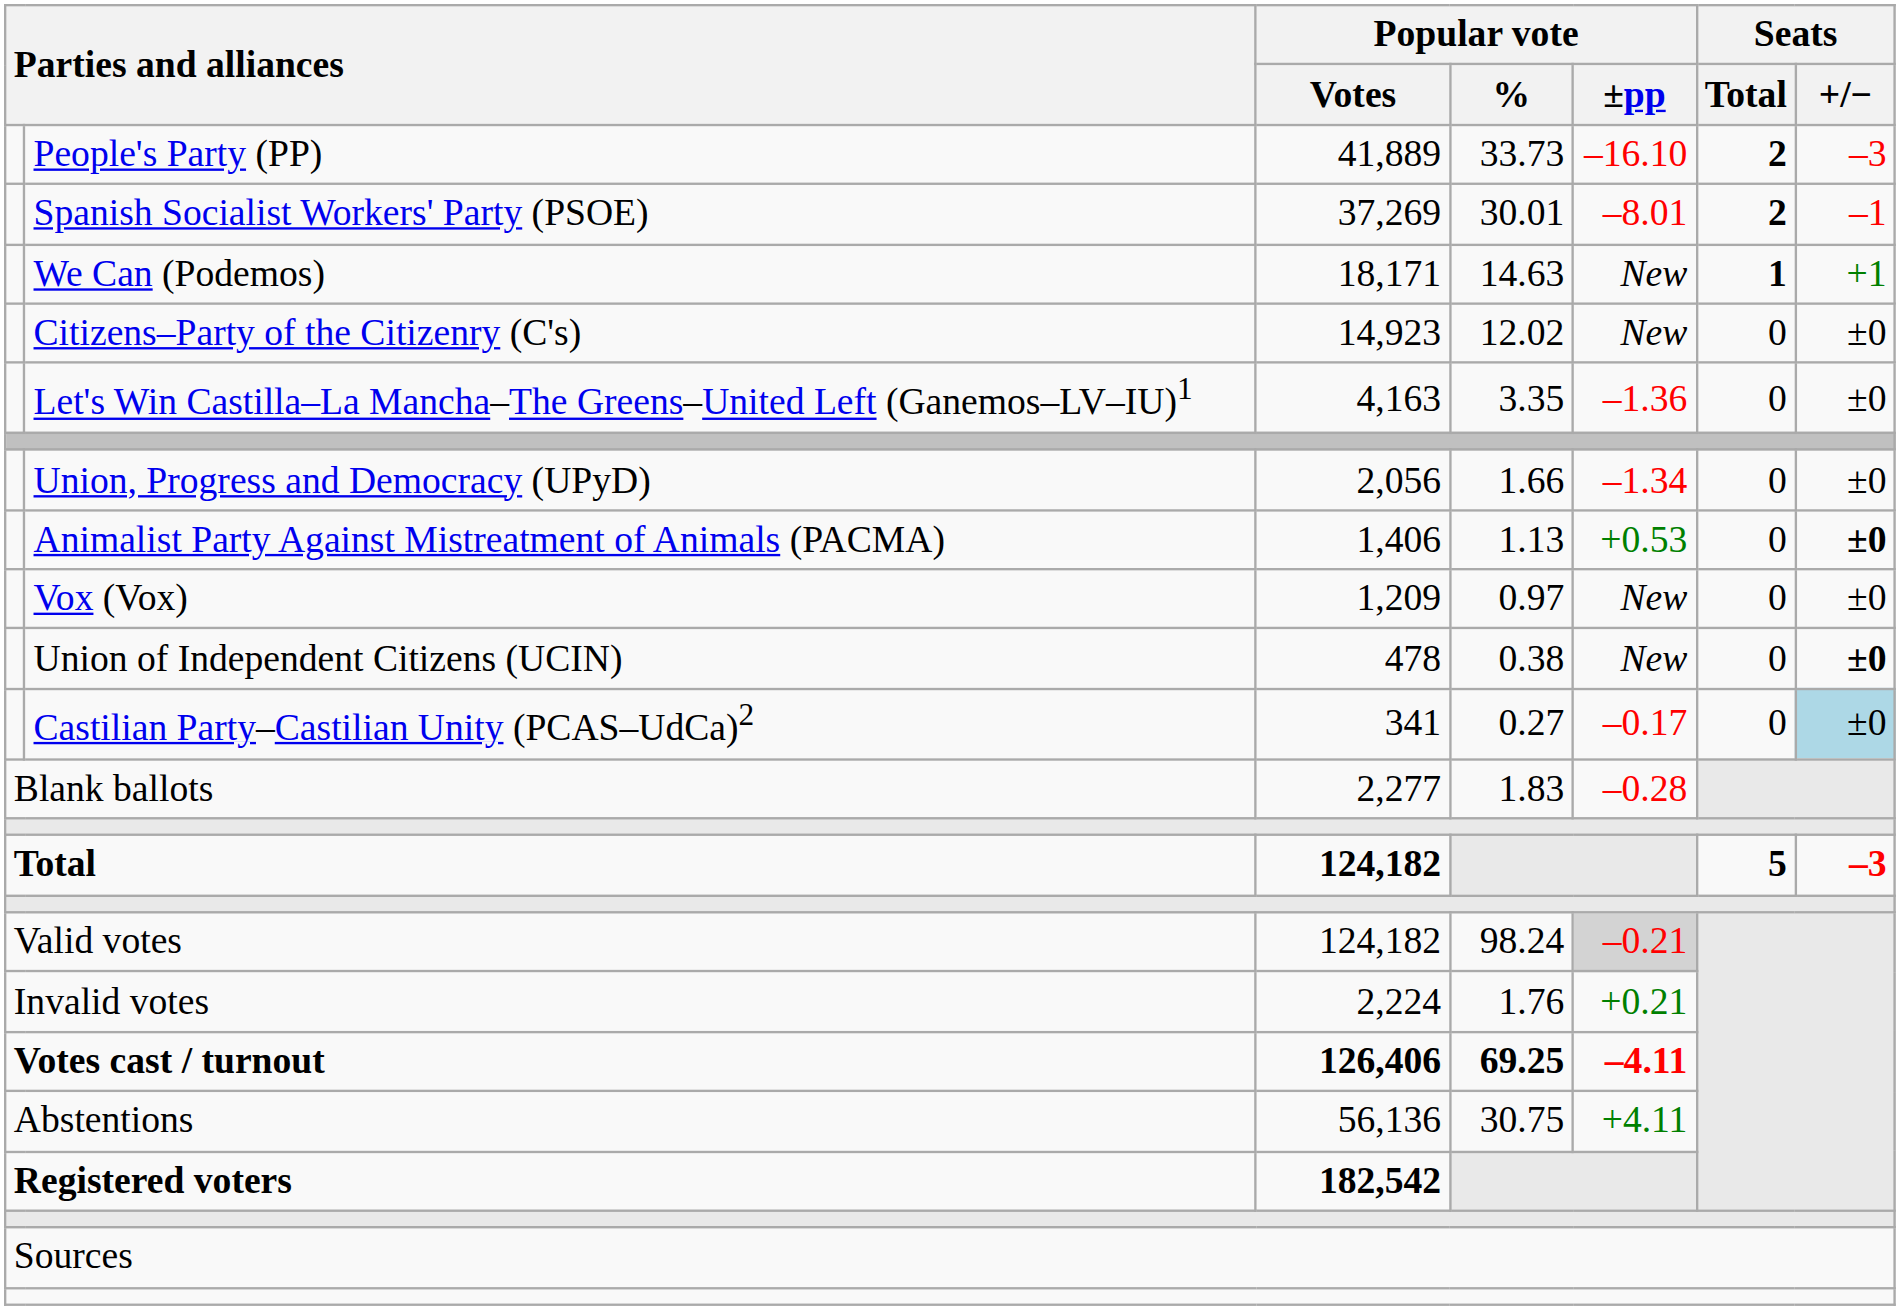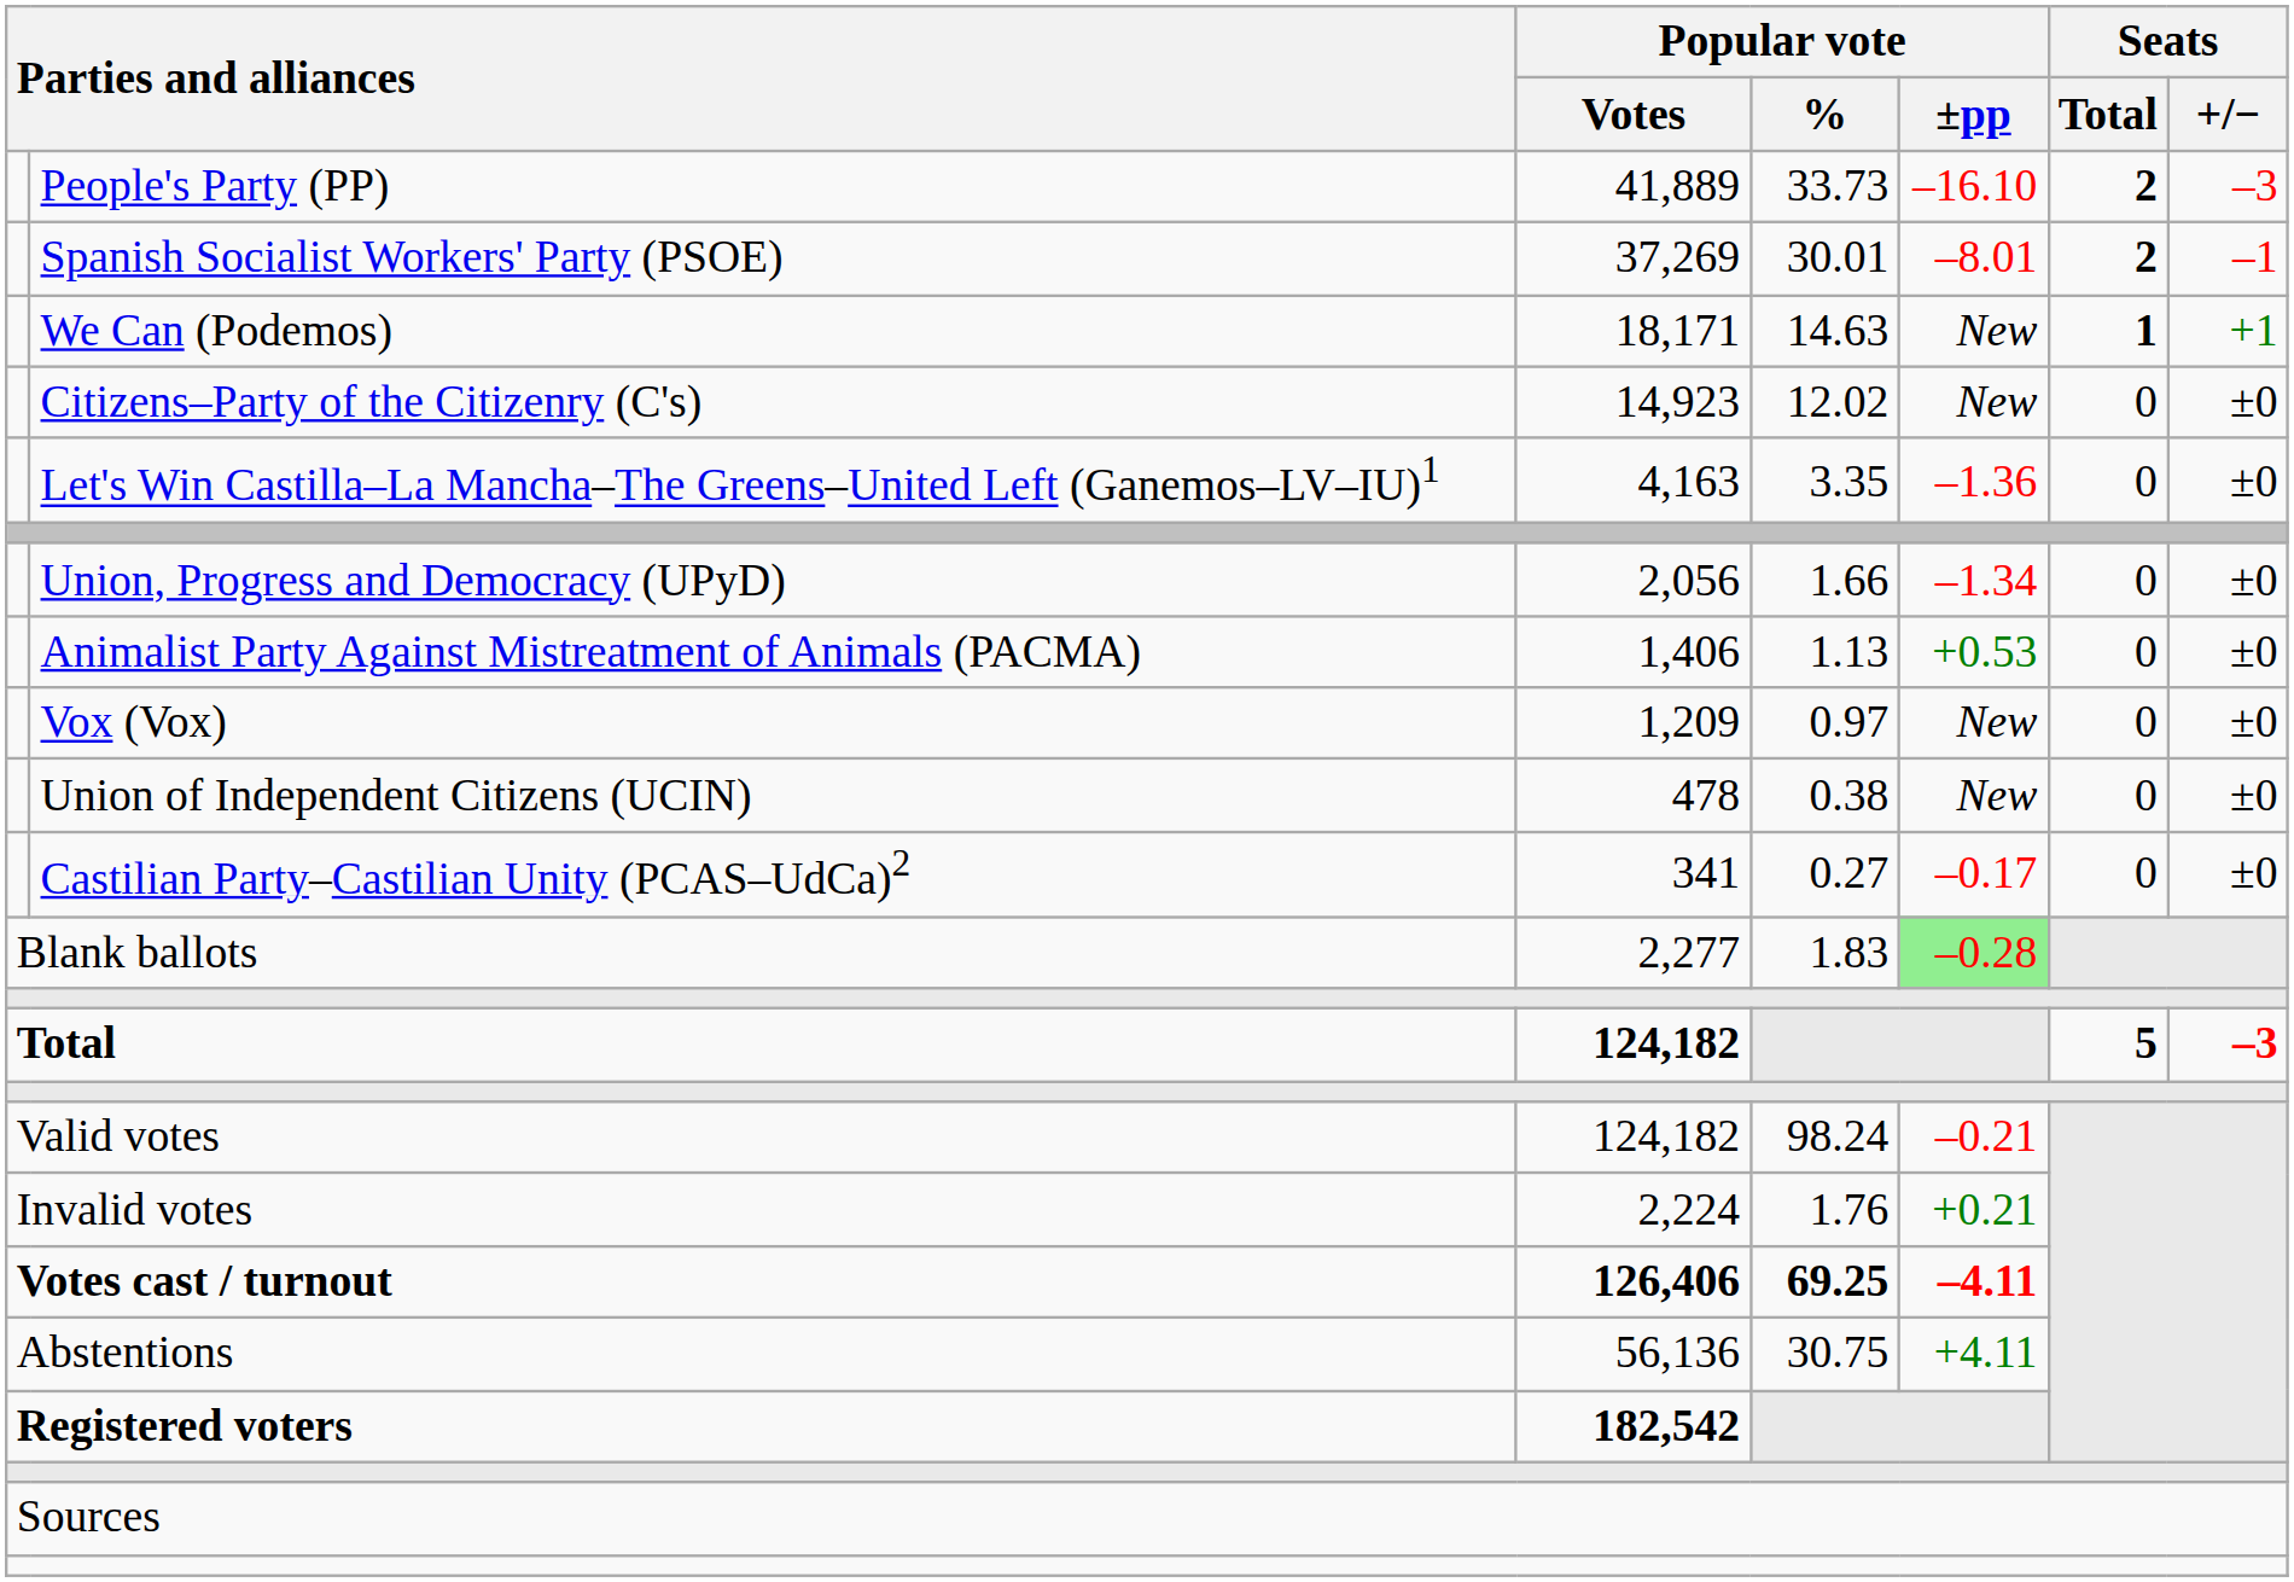 <table class="wikitable" style="text-align:right;">
 <tr>
 <th style="text-align:left;" rowspan="2" colspan="2" width="525">Parties and alliances</th>
 <th colspan="3">Popular vote</th>
 <th colspan="2">Seats</th>
 </tr>
 <tr>
 <th width="75">Votes</th>
 <th width="45">%</th>
 <th width="45">±<a href='#'>pp</a></th>
 <th width="35">Total</th>
 <th width="35">+/−</th>
 </tr>
 <tr>
 <td width="1" style="color:inherit;background:"></td>
 <td align="left"><a href='#'>People's Party</a> (PP)</td>
 <td>41,889</td>
 <td>33.73</td>
 <td style="color:red;">–16.10</td>
 <td><strong>2</strong></td>
 <td style="color:red;">–3</td>
 </tr>
 <tr>
 <td style="color:inherit;background:"></td>
 <td align="left"><a href='#'>Spanish Socialist Workers' Party</a> (PSOE)</td>
 <td>37,269</td>
 <td>30.01</td>
 <td style="color:red;">–8.01</td>
 <td><strong>2</strong></td>
 <td style="color:red;">–1</td>
 </tr>
 <tr>
 <td style="color:inherit;background:"></td>
 <td align="left"><a href='#'>We Can</a> (Podemos)</td>
 <td>18,171</td>
 <td>14.63</td>
 <td><em>New</em></td>
 <td><strong>1</strong></td>
 <td style="color:green;">+1</td>
 </tr>
 <tr>
 <td style="color:inherit;background:"></td>
 <td align="left"><a href='#'>Citizens–Party of the Citizenry</a> (C's)</td>
 <td>14,923</td>
 <td>12.02</td>
 <td><em>New</em></td>
 <td>0</td>
 <td>±0</td>
 </tr>
 <tr>
 <td style="color:inherit;background:"></td>
 <td align="left"><a href='#'>Let's Win Castilla–La Mancha</a>–<a href='#'>The Greens</a>–<a href='#'>United Left</a> (Ganemos–LV–IU)<sup>1</sup></td>
 <td>4,163</td>
 <td>3.35</td>
 <td style="color:red;">–1.36</td>
 <td>0</td>
 <td>±0</td>
 </tr>
 <tr>
 <td colspan="7" bgcolor="#C0C0C0"></td>
 </tr>
 <tr>
 <td style="color:inherit;background:"></td>
 <td align="left"><a href='#'>Union, Progress and Democracy</a> (UPyD)</td>
 <td>2,056</td>
 <td>1.66</td>
 <td style="color:red;">–1.34</td>
 <td>0</td>
 <td>±0</td>
 </tr>
 <tr>
 <td style="color:inherit;background:"></td>
 <td align="left"><a href='#'>Animalist Party Against Mistreatment of Animals</a> (PACMA)</td>
 <td>1,406</td>
 <td>1.13</td>
 <td style="color:green;">+0.53</td>
 <td>0</td>
-<td><strong>±0</strong></td>
+<td>±0</td>
 </tr>
 <tr>
 <td style="color:inherit;background:"></td>
 <td align="left"><a href='#'>Vox</a> (Vox)</td>
 <td>1,209</td>
 <td>0.97</td>
 <td><em>New</em></td>
 <td>0</td>
 <td>±0</td>
 </tr>
 <tr>
 <td style="color:inherit;background:"></td>
 <td align="left">Union of Independent Citizens (UCIN)</td>
 <td>478</td>
 <td>0.38</td>
 <td><em>New</em></td>
 <td>0</td>
-<td><strong>±0</strong></td>
+<td>±0</td>
 </tr>
 <tr>
 <td style="color:inherit;background:"></td>
 <td align="left"><a href='#'>Castilian Party</a>–<a href='#'>Castilian Unity</a> (PCAS–UdCa)<sup>2</sup></td>
 <td>341</td>
 <td>0.27</td>
 <td style="color:red;">–0.17</td>
 <td>0</td>
-<td style="background: lightblue;">±0</td>
+<td>±0</td>
 </tr>
 <tr>
 <td align="left" colspan="2">Blank ballots</td>
 <td>2,277</td>
 <td>1.83</td>
-<td style="color:red;">–0.28</td>
+<td style="background: lightgreen; color:red;">–0.28</td>
 <td bgcolor="#E9E9E9" colspan="2"></td>
 </tr>
 <tr>
 <td colspan="7" bgcolor="#E9E9E9"></td>
 </tr>
 <tr style="font-weight:bold;">
 <td align="left" colspan="2">Total</td>
 <td>124,182</td>
 <td bgcolor="#E9E9E9" colspan="2"></td>
 <td>5</td>
 <td style="color:red;">–3</td>
 </tr>
 <tr>
 <td colspan="7" bgcolor="#E9E9E9"></td>
 </tr>
 <tr>
 <td align="left" colspan="2">Valid votes</td>
 <td>124,182</td>
 <td>98.24</td>
-<td style="background: lightgrey; color:red;">–0.21</td>
+<td style="color:red;">–0.21</td>
 <td bgcolor="#E9E9E9" colspan="2" rowspan="5"></td>
 </tr>
 <tr>
 <td align="left" colspan="2">Invalid votes</td>
 <td>2,224</td>
 <td>1.76</td>
 <td style="color:green;">+0.21</td>
 </tr>
 <tr style="font-weight:bold;">
 <td align="left" colspan="2">Votes cast / turnout</td>
 <td>126,406</td>
 <td>69.25</td>
 <td style="color:red;">–4.11</td>
 </tr>
 <tr>
 <td align="left" colspan="2">Abstentions</td>
 <td>56,136</td>
 <td>30.75</td>
 <td style="color:green;">+4.11</td>
 </tr>
 <tr style="font-weight:bold;">
 <td align="left" colspan="2">Registered voters</td>
 <td>182,542</td>
 <td bgcolor="#E9E9E9" colspan="2"></td>
 </tr>
 <tr>
 <td colspan="7" bgcolor="#E9E9E9"></td>
 </tr>
 <tr>
 <td align="left" colspan="7">Sources</td>
 </tr>
 <tr>
 <td colspan="7" style="text-align:left; max-width:790px;"></td>
 </tr>
 </table>
